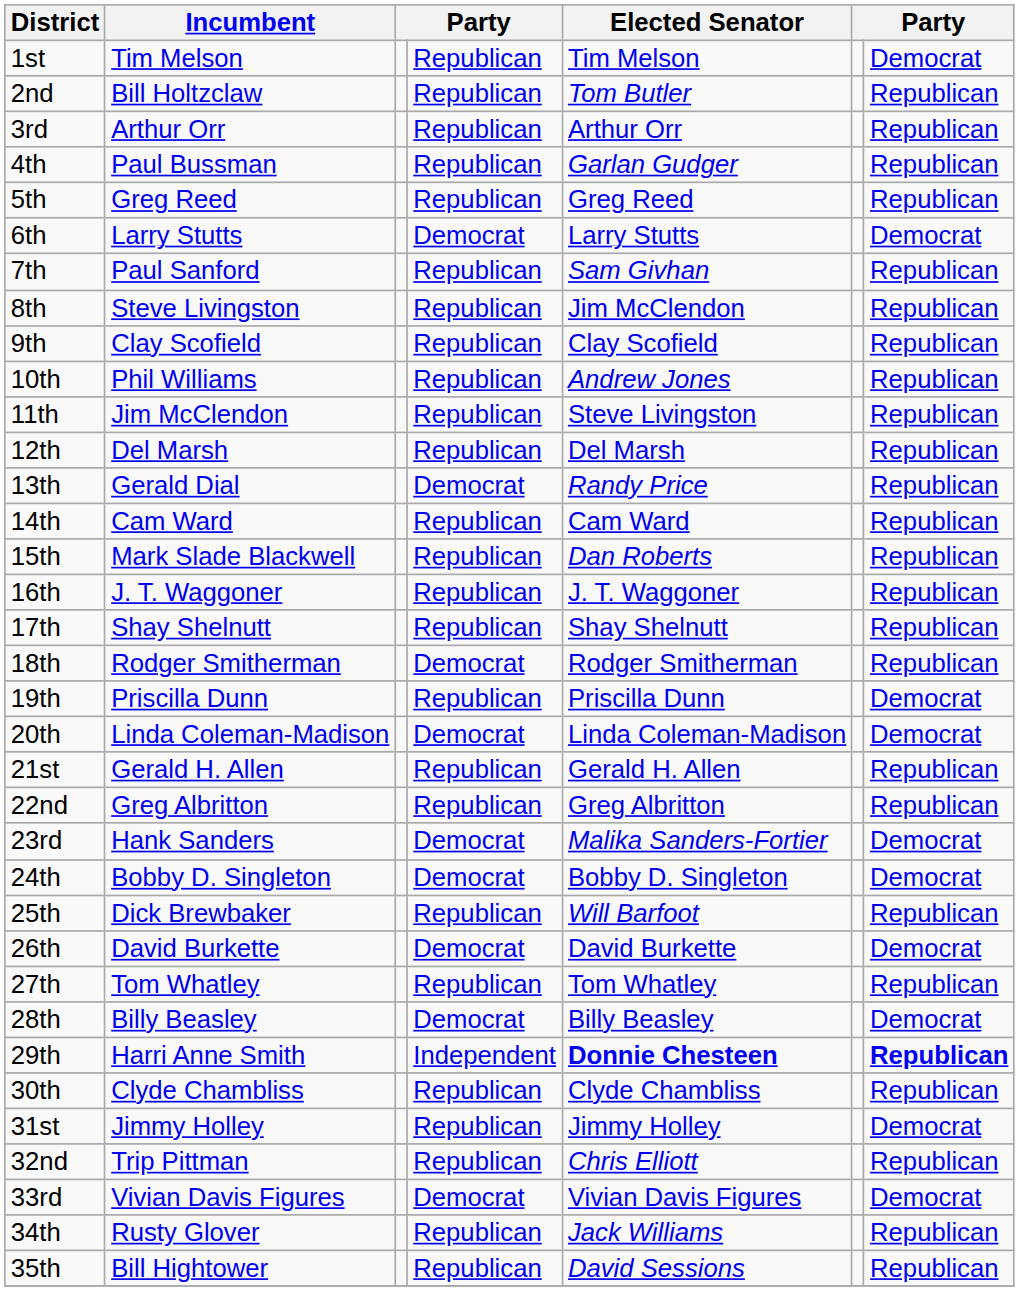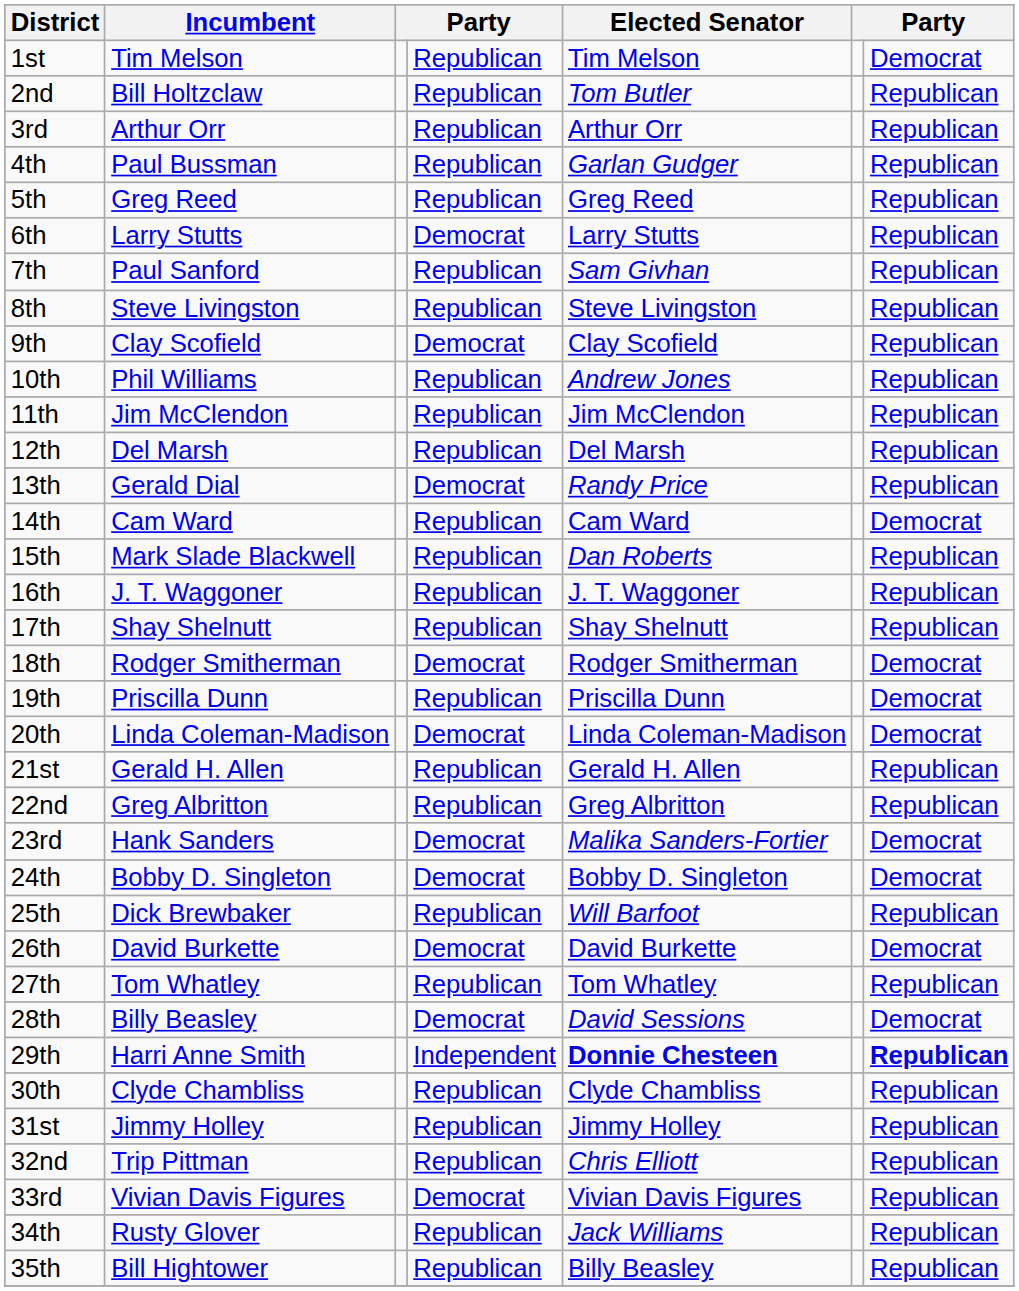 <table class="sortable wikitable" style="font-size:95%;line-height:14px;">
 <tr>
 <th colspan="1" class="unsortable">District</th>
 <th class="unsortable"><a href='#'>Incumbent</a></th>
 <th colspan="2">Party</th>
 <th class="unsortable">Elected Senator</th>
 <th colspan="2">Party</th>
 </tr>
 <tr>
 <td>1st</td>
 <td><a href='#'>Tim Melson</a></td>
 <td style="background:"></td>
 <td><a href='#'>Republican</a></td>
 <td><a href='#'>Tim Melson</a></td>
 <td style="background:"></td>
 <td><a href='#'>Democrat</a></td>
 </tr>
 <tr>
 <td>2nd</td>
 <td><a href='#'>Bill Holtzclaw</a></td>
 <td style="background:"></td>
 <td><a href='#'>Republican</a></td>
 <td><em><a href='#'>Tom Butler</a></em></td>
 <td style="background:"></td>
 <td><a href='#'>Republican</a></td>
 </tr>
 <tr>
 <td>3rd</td>
 <td><a href='#'>Arthur Orr</a></td>
 <td style="background:"></td>
 <td><a href='#'>Republican</a></td>
 <td><a href='#'>Arthur Orr</a></td>
 <td style="background:"></td>
 <td><a href='#'>Republican</a></td>
 </tr>
 <tr>
 <td>4th</td>
 <td><a href='#'>Paul Bussman</a></td>
 <td style="background:"></td>
 <td><a href='#'>Republican</a></td>
 <td><em><a href='#'>Garlan Gudger</a></em></td>
 <td style="background:"></td>
 <td><a href='#'>Republican</a></td>
 </tr>
 <tr>
 <td>5th</td>
 <td><a href='#'>Greg Reed</a></td>
 <td style="background:"></td>
 <td><a href='#'>Republican</a></td>
 <td><a href='#'>Greg Reed</a></td>
 <td style="background:"></td>
 <td><a href='#'>Republican</a></td>
 </tr>
 <tr>
 <td>6th</td>
 <td><a href='#'>Larry Stutts</a></td>
 <td style="background:"></td>
 <td><a href='#'>Democrat</a></td>
 <td><a href='#'>Larry Stutts</a></td>
 <td style="background:"></td>
-<td><a href='#'>Democrat</a></td>
+<td><a href='#'>Republican</a></td>
 </tr>
 <tr>
 <td>7th</td>
 <td><a href='#'>Paul Sanford</a></td>
 <td style="background:"></td>
 <td><a href='#'>Republican</a></td>
 <td><em><a href='#'>Sam Givhan</a></em></td>
 <td style="background:"></td>
 <td><a href='#'>Republican</a></td>
 </tr>
 <tr>
 <td>8th</td>
 <td><a href='#'>Steve Livingston</a></td>
 <td style="background:"></td>
 <td><a href='#'>Republican</a></td>
-<td><a href='#'>Jim McClendon</a></td>
+<td><a href='#'>Steve Livingston</a></td>
 <td style="background:"></td>
 <td><a href='#'>Republican</a></td>
 </tr>
 <tr>
 <td>9th</td>
 <td><a href='#'>Clay Scofield</a></td>
 <td style="background:"></td>
-<td><a href='#'>Republican</a></td>
+<td><a href='#'>Democrat</a></td>
 <td><a href='#'>Clay Scofield</a></td>
 <td style="background:"></td>
 <td><a href='#'>Republican</a></td>
 </tr>
 <tr>
 <td>10th</td>
 <td><a href='#'>Phil Williams</a></td>
 <td style="background:"></td>
 <td><a href='#'>Republican</a></td>
 <td><em><a href='#'>Andrew Jones</a></em></td>
 <td style="background:"></td>
 <td><a href='#'>Republican</a></td>
 </tr>
 <tr>
 <td>11th</td>
 <td><a href='#'>Jim McClendon</a></td>
 <td style="background:"></td>
 <td><a href='#'>Republican</a></td>
-<td><a href='#'>Steve Livingston</a></td>
+<td><a href='#'>Jim McClendon</a></td>
 <td style="background:"></td>
 <td><a href='#'>Republican</a></td>
 </tr>
 <tr>
 <td>12th</td>
 <td><a href='#'>Del Marsh</a></td>
 <td style="background:"></td>
 <td><a href='#'>Republican</a></td>
 <td><a href='#'>Del Marsh</a></td>
 <td style="background:"></td>
 <td><a href='#'>Republican</a></td>
 </tr>
 <tr>
 <td>13th</td>
 <td><a href='#'>Gerald Dial</a></td>
 <td style="background:"></td>
 <td><a href='#'>Democrat</a></td>
 <td><em><a href='#'>Randy Price</a></em></td>
 <td style="background:"></td>
 <td><a href='#'>Republican</a></td>
 </tr>
 <tr>
 <td>14th</td>
 <td><a href='#'>Cam Ward</a></td>
 <td style="background:"></td>
 <td><a href='#'>Republican</a></td>
 <td><a href='#'>Cam Ward</a></td>
 <td style="background:"></td>
-<td><a href='#'>Republican</a></td>
+<td><a href='#'>Democrat</a></td>
 </tr>
 <tr>
 <td>15th</td>
 <td><a href='#'>Mark Slade Blackwell</a></td>
 <td style="background:"></td>
 <td><a href='#'>Republican</a></td>
 <td><em><a href='#'>Dan Roberts</a></em></td>
 <td style="background:"></td>
 <td><a href='#'>Republican</a></td>
 </tr>
 <tr>
 <td>16th</td>
 <td><a href='#'>J. T. Waggoner</a></td>
 <td style="background:"></td>
 <td><a href='#'>Republican</a></td>
 <td><a href='#'>J. T. Waggoner</a></td>
 <td style="background:"></td>
 <td><a href='#'>Republican</a></td>
 </tr>
 <tr>
 <td>17th</td>
 <td><a href='#'>Shay Shelnutt</a></td>
 <td style="background:"></td>
 <td><a href='#'>Republican</a></td>
 <td><a href='#'>Shay Shelnutt</a></td>
 <td style="background:"></td>
 <td><a href='#'>Republican</a></td>
 </tr>
 <tr>
 <td>18th</td>
 <td><a href='#'>Rodger Smitherman</a></td>
 <td style="background:"></td>
 <td><a href='#'>Democrat</a></td>
 <td><a href='#'>Rodger Smitherman</a></td>
 <td style="background:"></td>
-<td><a href='#'>Republican</a></td>
+<td><a href='#'>Democrat</a></td>
 </tr>
 <tr>
 <td>19th</td>
 <td><a href='#'>Priscilla Dunn</a></td>
 <td style="background:"></td>
 <td><a href='#'>Republican</a></td>
 <td><a href='#'>Priscilla Dunn</a></td>
 <td style="background:"></td>
 <td><a href='#'>Democrat</a></td>
 </tr>
 <tr>
 <td>20th</td>
 <td><a href='#'>Linda Coleman-Madison</a></td>
 <td style="background:"></td>
 <td><a href='#'>Democrat</a></td>
 <td><a href='#'>Linda Coleman-Madison</a></td>
 <td style="background:"></td>
 <td><a href='#'>Democrat</a></td>
 </tr>
 <tr>
 <td>21st</td>
 <td><a href='#'>Gerald H. Allen</a></td>
 <td style="background:"></td>
 <td><a href='#'>Republican</a></td>
 <td><a href='#'>Gerald H. Allen</a></td>
 <td style="background:"></td>
 <td><a href='#'>Republican</a></td>
 </tr>
 <tr>
 <td>22nd</td>
 <td><a href='#'>Greg Albritton</a></td>
 <td style="background:"></td>
 <td><a href='#'>Republican</a></td>
 <td><a href='#'>Greg Albritton</a></td>
 <td style="background:"></td>
 <td><a href='#'>Republican</a></td>
 </tr>
 <tr>
 <td>23rd</td>
 <td><a href='#'>Hank Sanders</a></td>
 <td style="background:"></td>
 <td><a href='#'>Democrat</a></td>
 <td><em><a href='#'>Malika Sanders-Fortier</a></em></td>
 <td style="background:"></td>
 <td><a href='#'>Democrat</a></td>
 </tr>
 <tr>
 <td>24th</td>
 <td><a href='#'>Bobby D. Singleton</a></td>
 <td style="background:"></td>
 <td><a href='#'>Democrat</a></td>
 <td><a href='#'>Bobby D. Singleton</a></td>
 <td style="background:"></td>
 <td><a href='#'>Democrat</a></td>
 </tr>
 <tr>
 <td>25th</td>
 <td><a href='#'>Dick Brewbaker</a></td>
 <td style="background:"></td>
 <td><a href='#'>Republican</a></td>
 <td><em><a href='#'>Will Barfoot</a></em></td>
 <td style="background:"></td>
 <td><a href='#'>Republican</a></td>
 </tr>
 <tr>
 <td>26th</td>
 <td><a href='#'>David Burkette</a></td>
 <td style="background:"></td>
 <td><a href='#'>Democrat</a></td>
 <td><a href='#'>David Burkette</a></td>
 <td style="background:"></td>
 <td><a href='#'>Democrat</a></td>
 </tr>
 <tr>
 <td>27th</td>
 <td><a href='#'>Tom Whatley</a></td>
 <td style="background:"></td>
 <td><a href='#'>Republican</a></td>
 <td><a href='#'>Tom Whatley</a></td>
 <td style="background:"></td>
 <td><a href='#'>Republican</a></td>
 </tr>
 <tr>
 <td>28th</td>
 <td><a href='#'>Billy Beasley</a></td>
 <td style="background:"></td>
 <td><a href='#'>Democrat</a></td>
-<td><a href='#'>Billy Beasley</a></td>
+<td><em><a href='#'>David Sessions</a></em></td>
 <td style="background:"></td>
 <td><a href='#'>Democrat</a></td>
 </tr>
 <tr>
 <td>29th</td>
 <td><a href='#'>Harri Anne Smith</a></td>
 <td style="background:"></td>
 <td><a href='#'>Independent</a></td>
 <td><strong><a href='#'>Donnie Chesteen</a></strong></td>
 <td style="background:"></td>
 <td><strong><a href='#'>Republican</a></strong></td>
 </tr>
 <tr>
 <td>30th</td>
 <td><a href='#'>Clyde Chambliss</a></td>
 <td style="background:"></td>
 <td><a href='#'>Republican</a></td>
 <td><a href='#'>Clyde Chambliss</a></td>
 <td style="background:"></td>
 <td><a href='#'>Republican</a></td>
 </tr>
 <tr>
 <td>31st</td>
 <td><a href='#'>Jimmy Holley</a></td>
 <td style="background:"></td>
 <td><a href='#'>Republican</a></td>
 <td><a href='#'>Jimmy Holley</a></td>
 <td style="background:"></td>
-<td><a href='#'>Democrat</a></td>
+<td><a href='#'>Republican</a></td>
 </tr>
 <tr>
 <td>32nd</td>
 <td><a href='#'>Trip Pittman</a></td>
 <td style="background:"></td>
 <td><a href='#'>Republican</a></td>
 <td><em><a href='#'>Chris Elliott</a></em></td>
 <td style="background:"></td>
 <td><a href='#'>Republican</a></td>
 </tr>
 <tr>
 <td>33rd</td>
 <td><a href='#'>Vivian Davis Figures</a></td>
 <td style="background:"></td>
 <td><a href='#'>Democrat</a></td>
 <td><a href='#'>Vivian Davis Figures</a></td>
 <td style="background:"></td>
-<td><a href='#'>Democrat</a></td>
+<td><a href='#'>Republican</a></td>
 </tr>
 <tr>
 <td>34th</td>
 <td><a href='#'>Rusty Glover</a></td>
 <td style="background:"></td>
 <td><a href='#'>Republican</a></td>
 <td><em><a href='#'>Jack Williams</a></em></td>
 <td style="background:"></td>
 <td><a href='#'>Republican</a></td>
 </tr>
 <tr>
 <td>35th</td>
 <td><a href='#'>Bill Hightower</a></td>
 <td style="background:"></td>
 <td><a href='#'>Republican</a></td>
-<td><em><a href='#'>David Sessions</a></em></td>
+<td><a href='#'>Billy Beasley</a></td>
 <td style="background:"></td>
 <td><a href='#'>Republican</a></td>
 </tr>
 <tr>
 </tr>
 </table>
